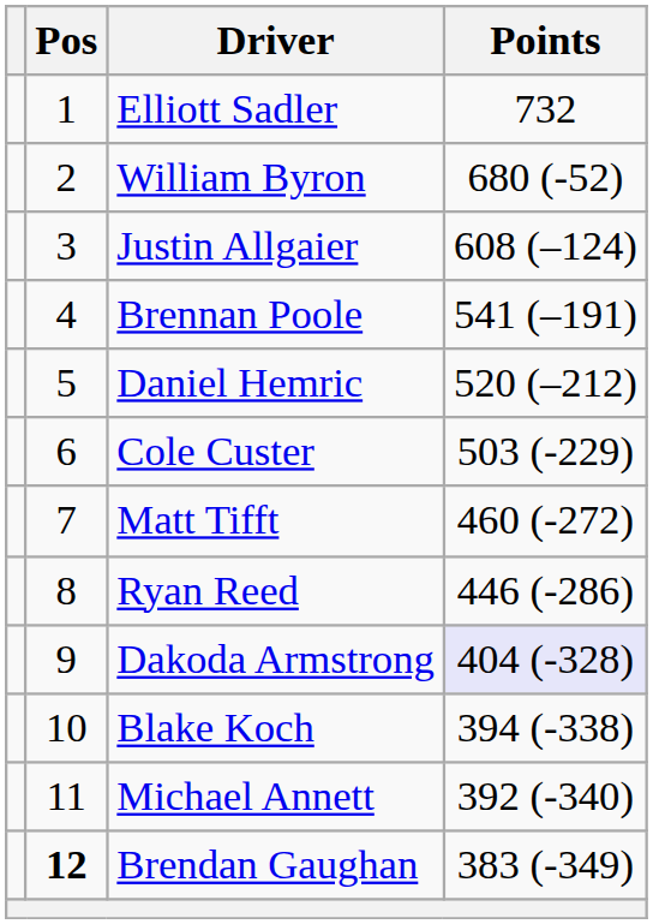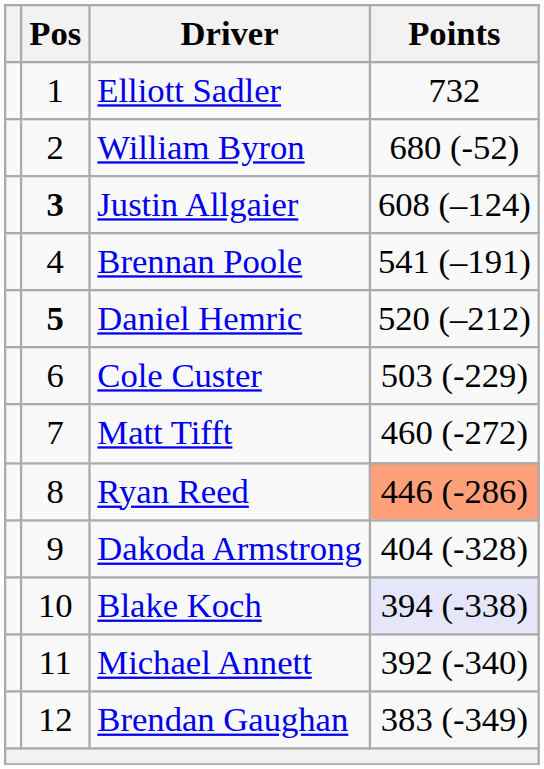 <table class="wikitable" style="font-size: 95%;">
 <tr>
 <th></th>
 <th>Pos</th>
 <th>Driver</th>
 <th>Points</th>
 </tr>
 <tr>
 <td align="left"></td>
 <td style="text-align:center;">1</td>
 <td><a href='#'>Elliott Sadler</a></td>
 <td style="text-align:center;">732</td>
 </tr>
 <tr>
 <td align="left"></td>
 <td style="text-align:center;">2</td>
 <td><a href='#'>William Byron</a></td>
 <td style="text-align:center;">680 (-52)</td>
 </tr>
 <tr>
 <td align="left"></td>
-<td style="text-align:center;">3</td>
+<td style="text-align:center;"><strong>3</strong></td>
 <td><a href='#'>Justin Allgaier</a></td>
 <td style="text-align:center;">608 (–124)</td>
 </tr>
 <tr>
 <td align="left"></td>
 <td style="text-align:center;">4</td>
 <td><a href='#'>Brennan Poole</a></td>
 <td style="text-align:center;">541 (–191)</td>
 </tr>
 <tr>
 <td align="left"></td>
-<td style="text-align:center;">5</td>
+<td style="text-align:center;"><strong>5</strong></td>
 <td><a href='#'>Daniel Hemric</a></td>
 <td style="text-align:center;">520 (–212)</td>
 </tr>
 <tr>
 <td align="left"></td>
 <td style="text-align:center;">6</td>
 <td><a href='#'>Cole Custer</a></td>
 <td style="text-align:center;">503 (-229)</td>
 </tr>
 <tr>
 <td align="left"></td>
 <td style="text-align:center;">7</td>
 <td><a href='#'>Matt Tifft</a></td>
 <td style="text-align:center;">460 (-272)</td>
 </tr>
 <tr>
 <td align="left"></td>
 <td style="text-align:center;">8</td>
 <td><a href='#'>Ryan Reed</a></td>
-<td style="text-align:center;">446 (-286)</td>
+<td style="background: lightsalmon; text-align:center;">446 (-286)</td>
 </tr>
 <tr>
 <td align="left"></td>
 <td style="text-align:center;">9</td>
 <td><a href='#'>Dakoda Armstrong</a></td>
-<td style="background: lavender; text-align:center;">404 (-328)</td>
+<td style="text-align:center;">404 (-328)</td>
 </tr>
 <tr>
 <td align="left"></td>
 <td style="text-align:center;">10</td>
 <td><a href='#'>Blake Koch</a></td>
-<td style="text-align:center;">394 (-338)</td>
+<td style="background: lavender; text-align:center;">394 (-338)</td>
 </tr>
 <tr>
 <td align="left"></td>
 <td style="text-align:center;">11</td>
 <td><a href='#'>Michael Annett</a></td>
 <td style="text-align:center;">392 (-340)</td>
 </tr>
 <tr>
 <td align="left"></td>
-<td style="text-align:center;"><strong>12</strong></td>
+<td style="text-align:center;">12</td>
 <td><a href='#'>Brendan Gaughan</a></td>
 <td style="text-align:center;">383 (-349)</td>
 </tr>
 <tr class="sortbottom">
 <th colspan="9"></th>
 </tr>
 </table>
